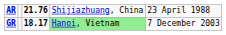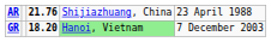 <table class="wikitable" style="font-size:95%; position:relative;">
 <tr>
 <td align=center><strong><a href='#'>AR</a></strong></td>
 <td></td>
 <td><strong>21.76</strong></td>
 <td><a href='#'>Shijiazhuang</a>, China</td>
 <td>23 April 1988</td>
 </tr>
 <tr>
 <td align=center><strong><a href='#'>GR</a></strong></td>
 <td></td>
-<td><strong>18.17</strong></td>
+<td><strong>18.20</strong></td>
 <td style="background: lightgreen;"><a href='#'>Hanoi</a>, Vietnam</td>
 <td>7 December 2003</td>
 </tr>
 </table>
